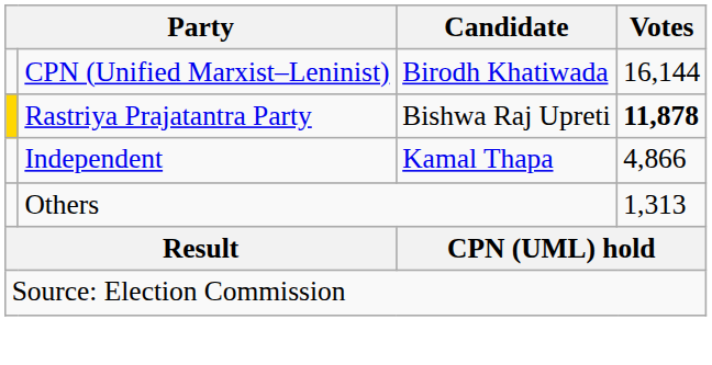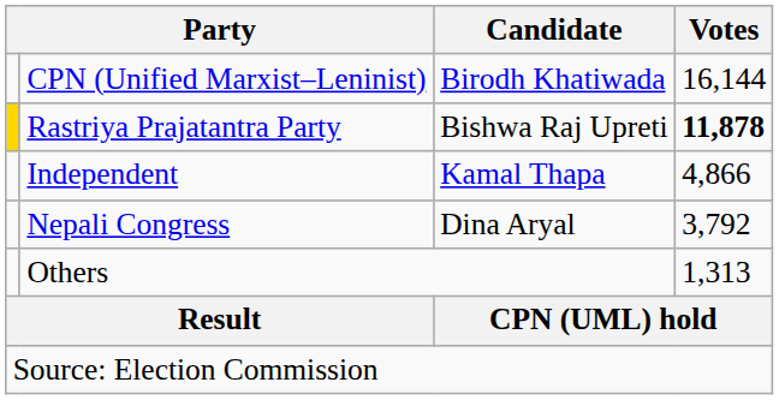 <table class="wikitable">
 <tr>
 <th colspan="2">Party</th>
 <th>Candidate</th>
 <th>Votes</th>
 </tr>
 <tr>
 <td style="background-color:"></td>
 <td><a href='#'>CPN (Unified Marxist–Leninist)</a></td>
 <td><a href='#'>Birodh Khatiwada</a></td>
 <td>16,144</td>
 </tr>
 <tr>
 <td style="background-color:gold"></td>
 <td><a href='#'>Rastriya Prajatantra Party</a></td>
 <td>Bishwa Raj Upreti</td>
 <td><strong>11,878</strong></td>
 </tr>
 <tr>
 <td style="background-color:"></td>
 <td><a href='#'>Independent</a></td>
 <td><a href='#'>Kamal Thapa</a></td>
 <td>4,866</td>
 </tr>
 <tr>
+<td style="background-color:"></td>
+<td><a href='#'>Nepali Congress</a></td>
+<td>Dina Aryal</td>
+<td>3,792</td>
+</tr>
+<tr>
 <td></td>
 <td colspan="2">Others</td>
 <td>1,313</td>
 </tr>
 <tr>
 <th colspan="2">Result</th>
 <th colspan="2">CPN (UML) hold</th>
 </tr>
 <tr>
 <td colspan="4">Source: Election Commission</td>
 </tr>
 </table>
